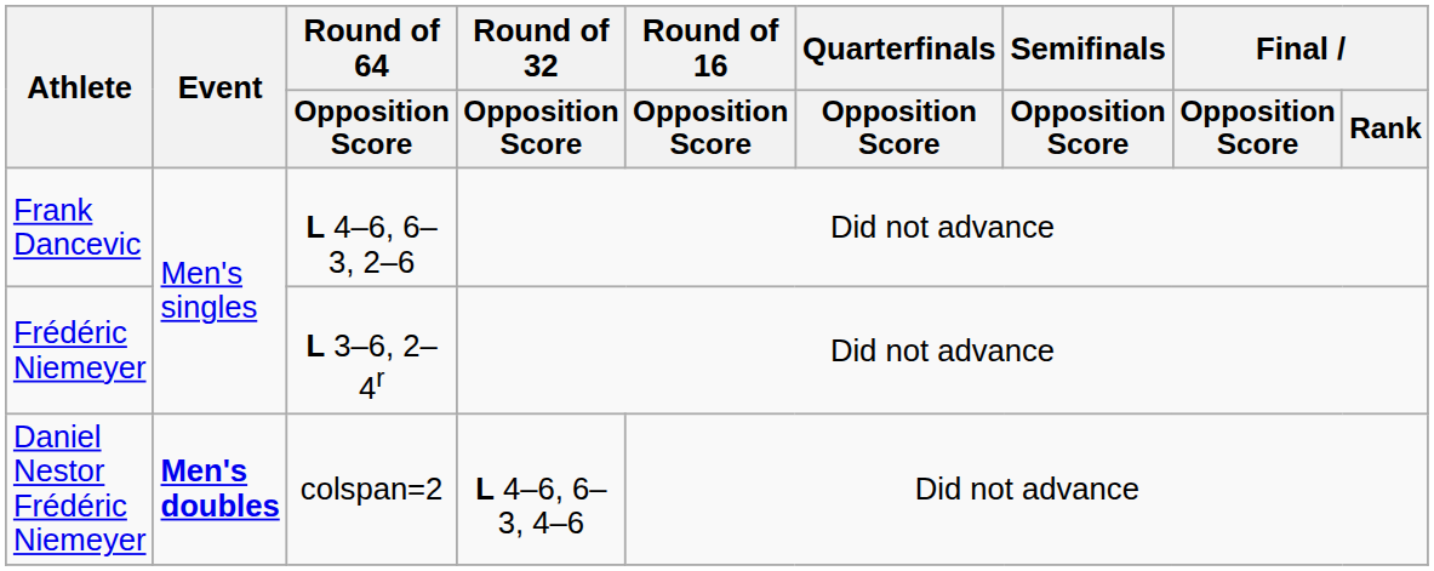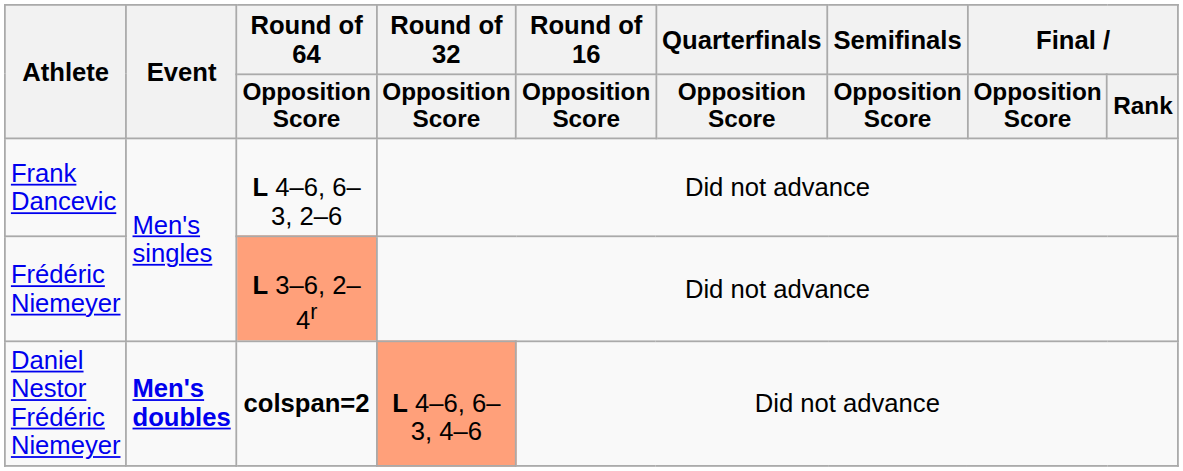 <table class=wikitable style="font-size:90%">
 <tr>
 <th rowspan="2">Athlete</th>
 <th rowspan="2">Event</th>
 <th>Round of 64</th>
 <th>Round of 32</th>
 <th>Round of 16</th>
 <th>Quarterfinals</th>
 <th>Semifinals</th>
 <th colspan=2>Final / </th>
 </tr>
 <tr style="font-size:95%">
 <th>Opposition<br>Score</th>
 <th>Opposition<br>Score</th>
 <th>Opposition<br>Score</th>
 <th>Opposition<br>Score</th>
 <th>Opposition<br>Score</th>
 <th>Opposition<br>Score</th>
 <th>Rank</th>
 </tr>
 <tr align=center>
 <td align=left><a href='#'>Frank Dancevic</a></td>
 <td align=left rowspan=2><a href='#'>Men's singles</a></td>
 <td> <br> <strong>L</strong> 4–6, 6–3, 2–6</td>
 <td colspan=6>Did not advance</td>
 </tr>
 <tr align=center>
 <td align=left><a href='#'>Frédéric Niemeyer</a></td>
-<td><br><strong>L</strong> 3–6, 2–4<sup>r</sup></td>
+<td style="background: lightsalmon;"><br><strong>L</strong> 3–6, 2–4<sup>r</sup></td>
 <td colspan=6>Did not advance</td>
 </tr>
 <tr align=center>
 <td align=left><a href='#'>Daniel Nestor</a> <br><a href='#'>Frédéric Niemeyer</a></td>
 <td align=left><strong><a href='#'>Men's doubles</a></strong></td>
-<td>colspan=2 </td>
-<td> <br> <strong>L</strong> 4–6, 6–3, 4–6</td>
+<td><strong>colspan=2 </strong></td>
+<td style="background: lightsalmon;"> <br> <strong>L</strong> 4–6, 6–3, 4–6</td>
 <td colspan=6>Did not advance</td>
 </tr>
 </table>
